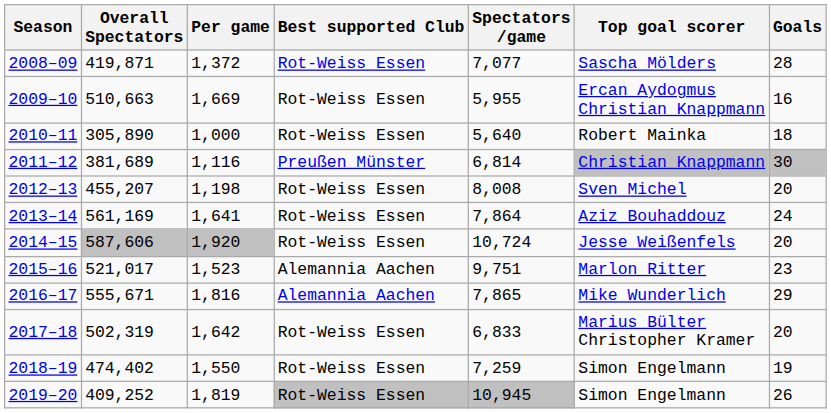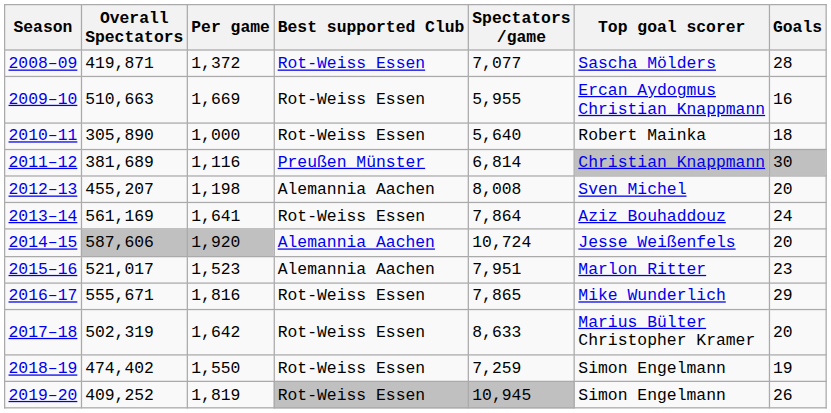 <table class="wikitable">
 <tr>
 <th>Season</th>
 <th>Overall <br> Spectators</th>
 <th>Per game</th>
 <th>Best supported Club</th>
 <th>Spectators <br> /game</th>
 <th>Top goal scorer</th>
 <th>Goals</th>
 </tr>
 <tr>
 <td><a href='#'>2008–09</a></td>
 <td>419,871</td>
 <td>1,372</td>
 <td><a href='#'>Rot-Weiss Essen</a></td>
 <td>7,077</td>
 <td><a href='#'>Sascha Mölders</a> </td>
 <td>28</td>
 </tr>
 <tr>
 <td><a href='#'>2009–10</a></td>
 <td>510,663</td>
 <td>1,669</td>
 <td>Rot-Weiss Essen</td>
 <td>5,955</td>
 <td><a href='#'>Ercan Aydogmus</a>  <br> <a href='#'>Christian Knappmann</a> </td>
 <td>16</td>
 </tr>
 <tr>
 <td><a href='#'>2010–11</a></td>
 <td>305,890</td>
 <td>1,000</td>
 <td>Rot-Weiss Essen</td>
 <td>5,640</td>
 <td>Robert Mainka </td>
 <td>18</td>
 </tr>
 <tr>
 <td><a href='#'>2011–12</a></td>
 <td>381,689</td>
 <td>1,116</td>
 <td><a href='#'>Preußen Münster</a></td>
 <td>6,814</td>
 <td style="background:silver;"><a href='#'>Christian Knappmann</a> </td>
 <td style="background:silver;">30</td>
 </tr>
 <tr>
 <td><a href='#'>2012–13</a></td>
 <td>455,207</td>
 <td>1,198</td>
-<td>Rot-Weiss Essen</td>
+<td>Alemannia Aachen</td>
 <td>8,008</td>
 <td><a href='#'>Sven Michel</a> </td>
 <td>20</td>
 </tr>
 <tr>
 <td><a href='#'>2013–14</a></td>
 <td>561,169</td>
 <td>1,641</td>
 <td>Rot-Weiss Essen</td>
 <td>7,864</td>
 <td><a href='#'>Aziz Bouhaddouz</a> </td>
 <td>24</td>
 </tr>
 <tr>
 <td><a href='#'>2014–15</a></td>
 <td style="background:silver">587,606</td>
 <td style="background:silver;">1,920</td>
-<td>Rot-Weiss Essen</td>
+<td><a href='#'>Alemannia Aachen</a></td>
 <td>10,724</td>
 <td><a href='#'>Jesse Weißenfels</a> </td>
 <td>20</td>
 </tr>
 <tr>
 <td><a href='#'>2015–16</a></td>
 <td>521,017</td>
 <td>1,523</td>
 <td>Alemannia Aachen</td>
-<td>9,751</td>
+<td>7,951</td>
 <td><a href='#'>Marlon Ritter</a> </td>
 <td>23</td>
 </tr>
 <tr>
 <td><a href='#'>2016–17</a></td>
 <td>555,671</td>
 <td>1,816</td>
-<td><a href='#'>Alemannia Aachen</a></td>
+<td>Rot-Weiss Essen</td>
 <td>7,865</td>
 <td><a href='#'>Mike Wunderlich</a> </td>
 <td>29</td>
 </tr>
 <tr>
 <td><a href='#'>2017–18</a></td>
 <td>502,319</td>
 <td>1,642</td>
 <td>Rot-Weiss Essen</td>
-<td>6,833</td>
+<td>8,633</td>
 <td><a href='#'>Marius Bülter</a>  <br> Christopher Kramer </td>
 <td>20</td>
 </tr>
 <tr>
 <td><a href='#'>2018–19</a></td>
 <td>474,402</td>
 <td>1,550</td>
 <td>Rot-Weiss Essen</td>
 <td>7,259</td>
 <td>Simon Engelmann </td>
 <td>19</td>
 </tr>
 <tr>
 <td><a href='#'>2019–20</a></td>
 <td>409,252</td>
 <td>1,819</td>
 <td style="background:silver;">Rot-Weiss Essen</td>
 <td style="background:silver;">10,945</td>
 <td>Simon Engelmann </td>
 <td>26</td>
 </tr>
 </table>
